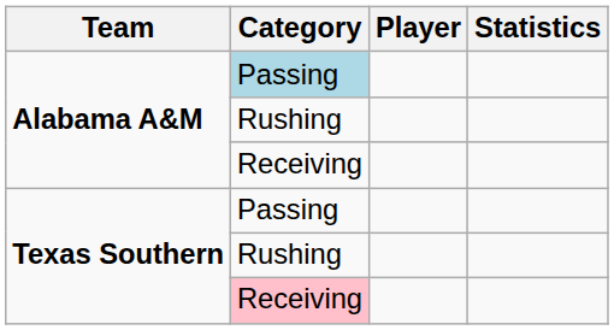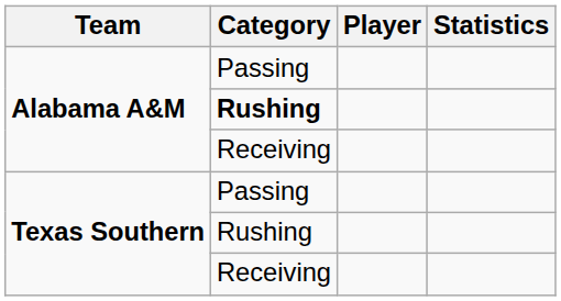 <table class="wikitable" style="float: left;">
 <tr>
 <th>Team</th>
 <th>Category</th>
 <th>Player</th>
 <th>Statistics</th>
 </tr>
 <tr>
 <td rowspan=3><strong>Alabama A&M</strong></td>
-<td style="background: lightblue;">Passing</td>
+<td>Passing</td>
 <td> </td>
 <td> </td>
 </tr>
 <tr>
-<td>Rushing</td>
+<td><strong>Rushing</strong></td>
 <td> </td>
 <td> </td>
 </tr>
 <tr>
 <td>Receiving</td>
 <td> </td>
 <td> </td>
 </tr>
 <tr>
 <td rowspan=3><strong>Texas Southern</strong></td>
 <td>Passing</td>
 <td> </td>
 <td> </td>
 </tr>
 <tr>
 <td>Rushing</td>
 <td> </td>
 <td> </td>
 </tr>
 <tr>
-<td style="background: pink;">Receiving</td>
+<td>Receiving</td>
 <td> </td>
 <td> </td>
 </tr>
 </table>
